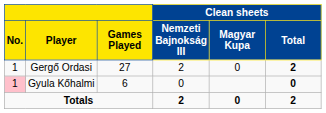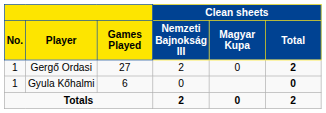 <table class="wikitable sortable alternance" style="text-align:center">
 <tr>
 <th colspan="3" style="background:#FDE500;border:1px solid #004292"></th>
 <th colspan="4" style="background:#004292;color:white;border:1px solid #FDE500">Clean sheets</th>
 </tr>
 <tr>
 <th style="background-color:#FDE500;color:black;border:1px solid #004292">No.</th>
 <th style="background-color:#FDE500;color:black;border:1px solid #004292">Player</th>
 <th width=80 style="background-color:#FDE500;color:black;border:1px solid #004292">Games Played</th>
 <th width=80 style="background-color:#004292;color:white;border:1px solid #FDE500">Nemzeti Bajnokság III</th>
 <th width=80 style="background-color:#004292;color:white;border:1px solid #FDE500">Magyar Kupa</th>
 <th width=80 style="background-color:#004292;color:white;border:1px solid #FDE500">Total</th>
 </tr>
 <tr>
 <td>1</td>
 <td> Gergő Ordasi</td>
 <td>27</td>
 <td>2</td>
 <td>0</td>
 <td><strong>2</strong></td>
 </tr>
 <tr>
-<td style="background: pink;">1</td>
+<td>1</td>
 <td> Gyula Kőhalmi</td>
 <td>6</td>
 <td>0</td>
 <td></td>
 <td><strong>0</strong></td>
 </tr>
 <tr class="sortbottom">
 <td colspan="3"><strong>Totals</strong></td>
 <td><strong>2</strong></td>
 <td><strong>0</strong></td>
 <td><strong>2</strong></td>
 </tr>
 </table>
